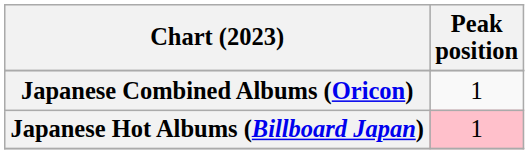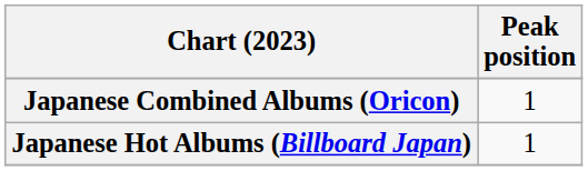 <table class="wikitable sortable plainrowheaders" style="text-align:center;">
 <tr>
 <th scope="col">Chart (2023)</th>
 <th scope="col">Peak<br>position</th>
 </tr>
 <tr>
 </tr>
 <tr>
 </tr>
 <tr>
 <th scope="row">Japanese Combined Albums (<a href='#'>Oricon</a>)</th>
 <td>1</td>
 </tr>
 <tr>
 <th scope="row">Japanese Hot Albums (<em><a href='#'>Billboard Japan</a></em>)</th>
-<td style="background: pink;">1</td>
+<td>1</td>
 </tr>
 <tr>
 </tr>
 </table>
